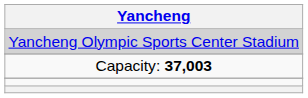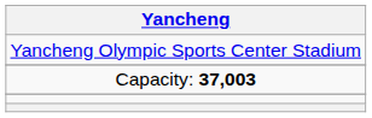 <table class="wikitable" style="margin:1em auto; text-align:center;">
 <tr>
 <th><a href='#'>Yancheng</a></th>
 </tr>
 <tr>
-<td style="background: lightgrey;"><a href='#'>Yancheng Olympic Sports Center Stadium</a></td>
+<td><a href='#'>Yancheng Olympic Sports Center Stadium</a></td>
 </tr>
 <tr>
 </tr>
 <tr>
 <td>Capacity: <strong>37,003</strong></td>
 </tr>
 <tr>
 </tr>
 <tr>
 <td></td>
 </tr>
 <tr>
 <th><div></div></th>
 </tr>
 </table>
